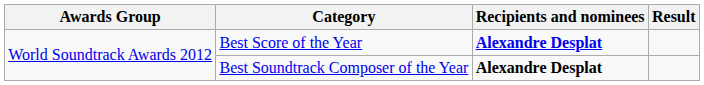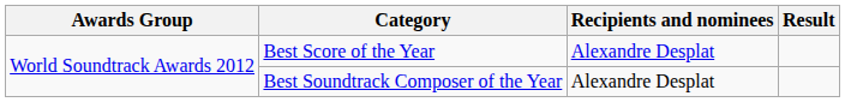 <table class="wikitable">
 <tr>
 <th>Awards Group</th>
 <th>Category</th>
 <th>Recipients and nominees</th>
 <th>Result</th>
 </tr>
 <tr>
 <td rowspan="2" style="text-align:center;"><a href='#'>World Soundtrack Awards 2012</a></td>
 <td><a href='#'>Best Score of the Year</a></td>
-<td><strong><a href='#'>Alexandre Desplat</a></strong></td>
+<td><a href='#'>Alexandre Desplat</a></td>
 <td></td>
 </tr>
 <tr>
 <td><a href='#'>Best Soundtrack Composer of the Year</a></td>
-<td><strong>Alexandre Desplat</strong></td>
+<td>Alexandre Desplat</td>
 <td></td>
 </tr>
 </table>
